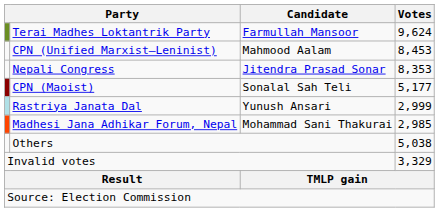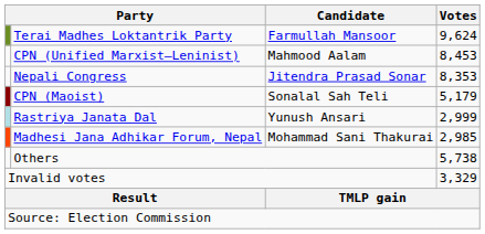 <table class="wikitable">
 <tr>
 <th colspan="2">Party</th>
 <th>Candidate</th>
 <th>Votes</th>
 </tr>
 <tr>
 <td style="background-color:olivedrab"></td>
 <td><a href='#'>Terai Madhes Loktantrik Party</a></td>
 <td><a href='#'>Farmullah Mansoor</a></td>
 <td>9,624</td>
 </tr>
 <tr>
 <td style="background-color:"></td>
 <td><a href='#'>CPN (Unified Marxist–Leninist)</a></td>
 <td>Mahmood Aalam</td>
 <td>8,453</td>
 </tr>
 <tr>
 <td style="background-color:"></td>
 <td><a href='#'>Nepali Congress</a></td>
 <td><a href='#'>Jitendra Prasad Sonar</a></td>
 <td>8,353</td>
 </tr>
 <tr>
 <td style="background-color:darkred"></td>
 <td><a href='#'>CPN (Maoist)</a></td>
 <td>Sonalal Sah Teli</td>
-<td>5,177</td>
+<td>5,179</td>
 </tr>
 <tr>
 <td style="background-color:powderblue"></td>
 <td><a href='#'>Rastriya Janata Dal</a></td>
 <td>Yunush Ansari</td>
 <td>2,999</td>
 </tr>
 <tr>
 <td style="background-color:orangered"></td>
 <td><a href='#'>Madhesi Jana Adhikar Forum, Nepal</a></td>
 <td>Mohammad Sani Thakurai</td>
 <td>2,985</td>
 </tr>
 <tr>
 <td></td>
 <td colspan="2">Others</td>
-<td>5,038</td>
+<td>5,738</td>
 </tr>
 <tr>
 <td colspan="3">Invalid votes</td>
 <td>3,329</td>
 </tr>
 <tr>
 <th colspan="2">Result</th>
 <th colspan="2">TMLP gain</th>
 </tr>
 <tr>
 <td colspan="4">Source: Election Commission</td>
 </tr>
 </table>
